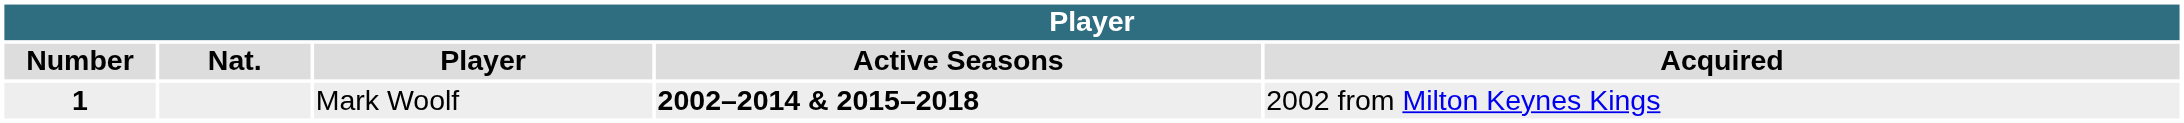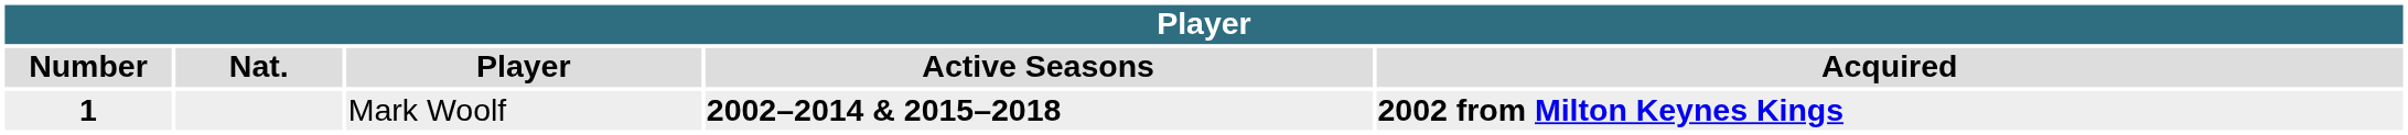 <table class="toccolours"  style="width:97%; clear:both; margin:1.5em auto; text-align:center;">
 <tr>
 <th colspan="11" style="background:#2f6d81; color:white;”">Player</th>
 </tr>
 <tr style="background:#ddd;">
 <th width=7%>Number</th>
 <th width=7%>Nat.</th>
 <th !width=30%>Player</th>
 <th width=28%>Active Seasons</th>
 <th widith=28%>Acquired</th>
 </tr>
 <tr style="background:#eee;">
 <td align="centre"><strong>1</strong></td>
 <td></td>
 <td align="left">Mark Woolf</td>
 <td align=left><strong>2002–2014 & 2015–2018</strong></td>
-<td align=left>2002 from <a href='#'>Milton Keynes Kings</a></td>
+<td align=left><strong>2002 from <a href='#'>Milton Keynes Kings</a></strong></td>
 </tr>
 </table>
